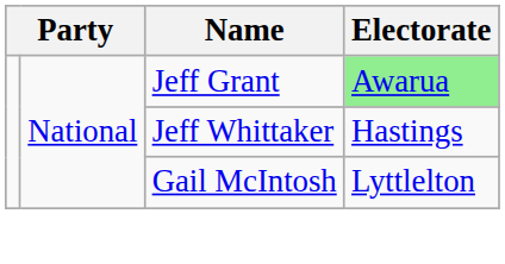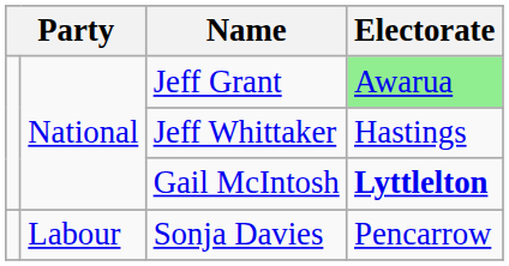 <table class="wikitable">
 <tr>
 <th colspan=2>Party</th>
 <th>Name</th>
 <th>Electorate</th>
 </tr>
 <tr>
 <td rowspan=3 style="background-color: "></td>
 <td rowspan=3><a href='#'>National</a></td>
 <td><a href='#'>Jeff Grant</a></td>
 <td style="background: lightgreen;"><a href='#'>Awarua</a></td>
 </tr>
 <tr>
 <td><a href='#'>Jeff Whittaker</a></td>
 <td><a href='#'>Hastings</a></td>
 </tr>
 <tr>
 <td><a href='#'>Gail McIntosh</a></td>
-<td><a href='#'>Lyttlelton</a></td>
+<td><strong><a href='#'>Lyttlelton</a></strong></td>
+</tr>
+<tr>
+<td style="background-color: "></td>
+<td><a href='#'>Labour</a></td>
+<td><a href='#'>Sonja Davies</a></td>
+<td><a href='#'>Pencarrow</a></td>
 </tr>
 </table>
